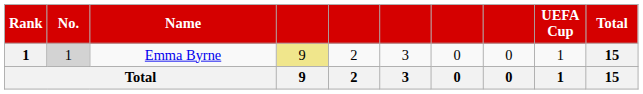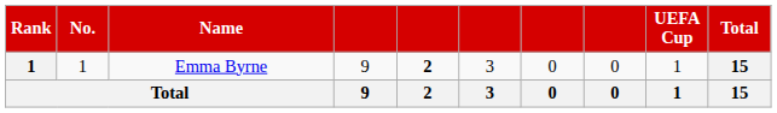 <table class="wikitable" style="text-align:center; font-size:100%; ">
 <tr>
 <th style="background:#d50000; color:white; text-align:center; width:40px">Rank</th>
 <th style="background:#d50000; color:white; text-align:center; width:40px">No.</th>
 <th style="background:#d50000; color:white; text-align:center; width:200px">Name</th>
 <th style="background:#d50000; color:white; text-align:center; width:50px;"></th>
 <th style="background:#d50000; color:white; text-align:center; width:50px;"></th>
 <th style="background:#d50000; color:white; text-align:center; width:50px;"></th>
 <th style="background:#d50000; color:white; text-align:center; width:50px;"></th>
 <th style="background:#d50000; color:white; text-align:center; width:50px;"></th>
 <th style="background:#d50000; color:white; text-align:center; width:50px;">UEFA Cup</th>
 <th style="background:#d50000; color:white; text-align:center; width:50px;">Total</th>
 </tr>
 <tr>
 <th>1</th>
-<td style="background: lightgrey;">1</td>
+<td>1</td>
 <td> <a href='#'>Emma Byrne</a></td>
-<td style="background: khaki;">9</td>
-<td>2</td>
+<td>9</td>
+<td><strong>2</strong></td>
 <td>3</td>
 <td>0</td>
 <td>0</td>
 <td>1</td>
 <th>15</th>
 </tr>
 <tr>
 <th colspan="3">Total</th>
 <th>9</th>
 <th>2</th>
 <th>3</th>
 <th>0</th>
 <th>0</th>
 <th>1</th>
 <th>15</th>
 </tr>
 </table>
